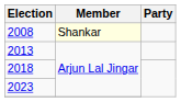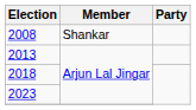 <table class="wikitable sortable">
 <tr>
 <th>Election</th>
 <th>Member</th>
 <th colspan=2>Party</th>
 </tr>
 <tr>
 <td><a href='#'>2008</a></td>
-<td style="background: lightyellow;">Shankar</td>
+<td>Shankar</td>
 <td></td>
 </tr>
 <tr>
 <td><a href='#'>2013</a></td>
 <td rowspan=3><a href='#'>Arjun Lal Jingar</a></td>
 <td></td>
 </tr>
 <tr>
 <td><a href='#'>2018</a></td>
 </tr>
 <tr>
 <td><a href='#'>2023</a></td>
 </tr>
 <tr>
 </tr>
 </table>
